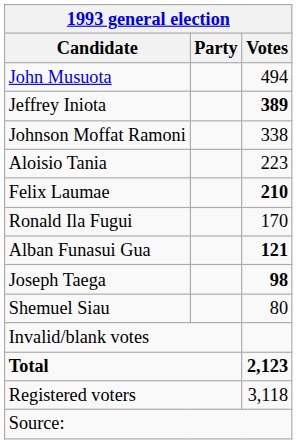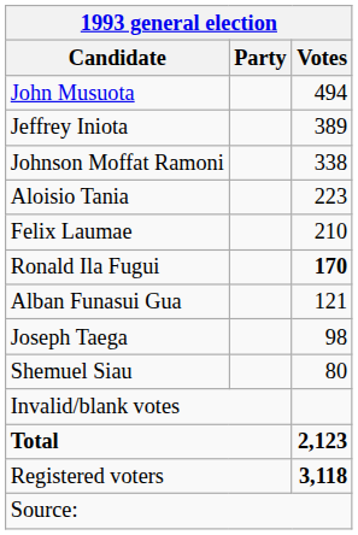 <table class=wikitable style=text-align:left>
 <tr>
 <th colspan=3><a href='#'>1993 general election</a></th>
 </tr>
 <tr>
 <th>Candidate</th>
 <th>Party</th>
 <th>Votes</th>
 </tr>
 <tr>
 <td><a href='#'>John Musuota</a></td>
 <td></td>
 <td align=right>494</td>
 </tr>
 <tr>
 <td>Jeffrey Iniota</td>
 <td></td>
-<td align=right><strong>389</strong></td>
+<td align=right>389</td>
 </tr>
 <tr>
 <td>Johnson Moffat Ramoni</td>
 <td></td>
 <td align=right>338</td>
 </tr>
 <tr>
 <td>Aloisio Tania</td>
 <td></td>
 <td align=right>223</td>
 </tr>
 <tr>
 <td>Felix Laumae</td>
 <td></td>
-<td align=right><strong>210</strong></td>
+<td align=right>210</td>
 </tr>
 <tr>
 <td>Ronald Ila Fugui</td>
 <td></td>
-<td align=right>170</td>
+<td align=right><strong>170</strong></td>
 </tr>
 <tr>
 <td>Alban Funasui Gua</td>
 <td></td>
-<td align=right><strong>121</strong></td>
+<td align=right>121</td>
 </tr>
 <tr>
 <td>Joseph Taega</td>
 <td></td>
-<td align=right><strong>98</strong></td>
+<td align=right>98</td>
 </tr>
 <tr>
 <td>Shemuel Siau</td>
 <td></td>
 <td align=right>80</td>
 </tr>
 <tr>
 <td colspan=2>Invalid/blank votes</td>
 <td></td>
 </tr>
 <tr>
 <td colspan=2><strong>Total</strong></td>
 <td align=right><strong>2,123</strong></td>
 </tr>
 <tr>
 <td colspan=2>Registered voters</td>
-<td align=right>3,118</td>
+<td align=right><strong>3,118</strong></td>
 </tr>
 <tr>
 <td colspan=3>Source: </td>
 </tr>
 </table>
